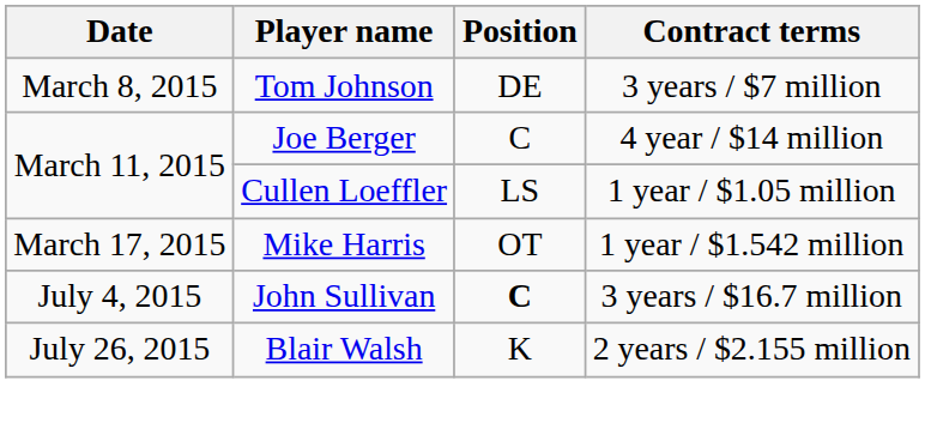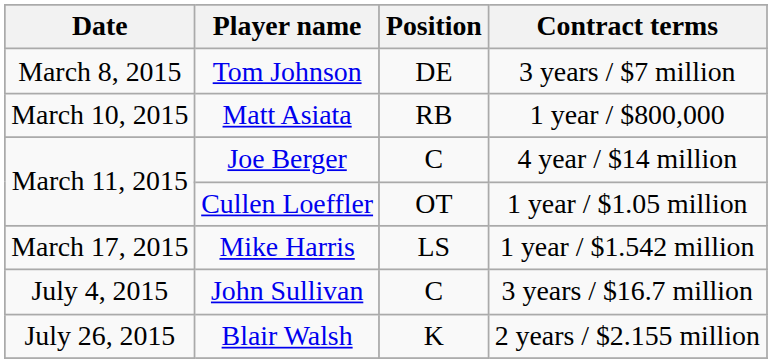 <table class="wikitable" style="text-align:center">
 <tr>
 <th>Date</th>
 <th>Player name</th>
 <th>Position</th>
 <th>Contract terms</th>
 </tr>
 <tr>
 <td>March 8, 2015</td>
 <td><a href='#'>Tom Johnson</a></td>
 <td>DE</td>
 <td>3 years / $7 million</td>
 </tr>
 <tr>
+<td>March 10, 2015</td>
+<td><a href='#'>Matt Asiata</a></td>
+<td>RB</td>
+<td>1 year / $800,000</td>
+</tr>
+<tr>
 <td rowspan=2>March 11, 2015</td>
 <td><a href='#'>Joe Berger</a></td>
 <td>C</td>
 <td>4 year / $14 million</td>
 </tr>
 <tr>
 <td><a href='#'>Cullen Loeffler</a></td>
-<td>LS</td>
+<td>OT</td>
 <td>1 year / $1.05 million</td>
 </tr>
 <tr>
 <td>March 17, 2015</td>
 <td><a href='#'>Mike Harris</a></td>
-<td>OT</td>
+<td>LS</td>
 <td>1 year / $1.542 million</td>
 </tr>
 <tr>
 <td>July 4, 2015</td>
 <td><a href='#'>John Sullivan</a></td>
-<td><strong>C</strong></td>
+<td>C</td>
 <td>3 years / $16.7 million</td>
 </tr>
 <tr>
 <td>July 26, 2015</td>
 <td><a href='#'>Blair Walsh</a></td>
 <td>K</td>
 <td>2 years / $2.155 million</td>
 </tr>
 </table>
